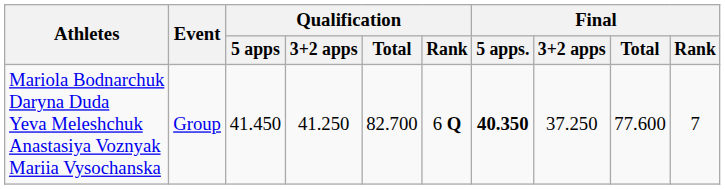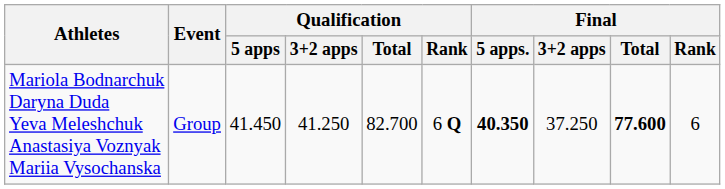 <table class="wikitable" style="font-size:90%">
 <tr>
 <th rowspan="2">Athletes</th>
 <th rowspan="2">Event</th>
 <th colspan="4">Qualification</th>
 <th colspan="4">Final</th>
 </tr>
 <tr style="font-size:95%">
 <th>5 apps</th>
 <th>3+2 apps</th>
 <th>Total</th>
 <th>Rank</th>
 <th>5 apps.</th>
 <th>3+2 apps</th>
 <th>Total</th>
 <th>Rank</th>
 </tr>
 <tr align=center>
 <td align=left><a href='#'>Mariola Bodnarchuk</a><br><a href='#'>Daryna Duda</a><br><a href='#'>Yeva Meleshchuk</a><br><a href='#'>Anastasiya Voznyak</a><br><a href='#'>Mariia Vysochanska</a></td>
 <td align=left><a href='#'>Group</a></td>
 <td>41.450</td>
 <td>41.250</td>
 <td>82.700</td>
 <td>6 <strong>Q</strong></td>
 <td><strong>40.350</strong></td>
 <td>37.250</td>
-<td>77.600</td>
-<td>7</td>
+<td><strong>77.600</strong></td>
+<td>6</td>
 </tr>
 </table>
